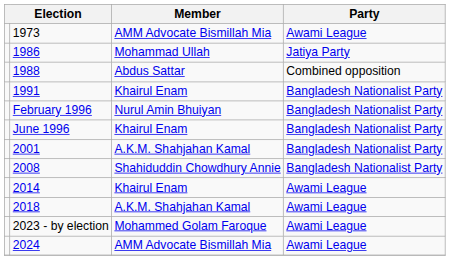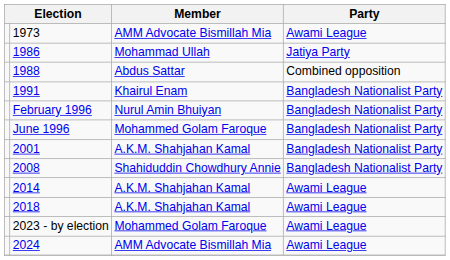 <table class="wikitable">
 <tr>
 <th colspan="2">Election</th>
 <th>Member</th>
 <th>Party</th>
 </tr>
 <tr>
 <td style="background-color:"></td>
 <td>1973</td>
 <td><a href='#'>AMM Advocate Bismillah Mia</a></td>
 <td><a href='#'>Awami League</a></td>
 </tr>
 <tr>
 <td style="background-color:"></td>
 <td><a href='#'>1986</a></td>
 <td><a href='#'>Mohammad Ullah</a></td>
 <td><a href='#'>Jatiya Party</a></td>
 </tr>
 <tr>
 <td></td>
 <td><a href='#'>1988</a></td>
 <td><a href='#'>Abdus Sattar</a></td>
 <td>Combined opposition</td>
 </tr>
 <tr>
 <td style="background-color:"></td>
 <td><a href='#'>1991</a></td>
 <td><a href='#'>Khairul Enam</a></td>
 <td><a href='#'>Bangladesh Nationalist Party</a></td>
 </tr>
 <tr>
 <td style="background-color:"></td>
 <td><a href='#'>February 1996</a></td>
 <td><a href='#'>Nurul Amin Bhuiyan</a></td>
 <td><a href='#'>Bangladesh Nationalist Party</a></td>
 </tr>
 <tr>
 <td style="background-color:"></td>
 <td><a href='#'>June 1996</a></td>
-<td><a href='#'>Khairul Enam</a></td>
+<td><a href='#'>Mohammed Golam Faroque</a></td>
 <td><a href='#'>Bangladesh Nationalist Party</a></td>
 </tr>
 <tr>
 <td style="background-color:"></td>
 <td><a href='#'>2001</a></td>
 <td><a href='#'>A.K.M. Shahjahan Kamal</a></td>
 <td><a href='#'>Bangladesh Nationalist Party</a></td>
 </tr>
 <tr>
 <td style="background-color:"></td>
 <td><a href='#'>2008</a></td>
 <td><a href='#'>Shahiduddin Chowdhury Annie</a></td>
 <td><a href='#'>Bangladesh Nationalist Party</a></td>
 </tr>
 <tr>
 <td style="background-color:"></td>
 <td><a href='#'>2014</a></td>
-<td><a href='#'>Khairul Enam</a></td>
+<td><a href='#'>A.K.M. Shahjahan Kamal</a></td>
 <td><a href='#'>Awami League</a></td>
 </tr>
 <tr>
 <td style="background-color:"></td>
 <td><a href='#'>2018</a></td>
 <td><a href='#'>A.K.M. Shahjahan Kamal</a></td>
 <td><a href='#'>Awami League</a></td>
 </tr>
 <tr>
 <td style="background-color:"></td>
 <td>2023 - by election</td>
 <td><a href='#'>Mohammed Golam Faroque</a></td>
 <td><a href='#'>Awami League</a></td>
 </tr>
 <tr>
 <td style="background-color:"></td>
 <td><a href='#'>2024</a></td>
 <td><a href='#'>AMM Advocate Bismillah Mia</a></td>
 <td><a href='#'>Awami League</a></td>
 </tr>
 <tr>
 </tr>
 </table>
